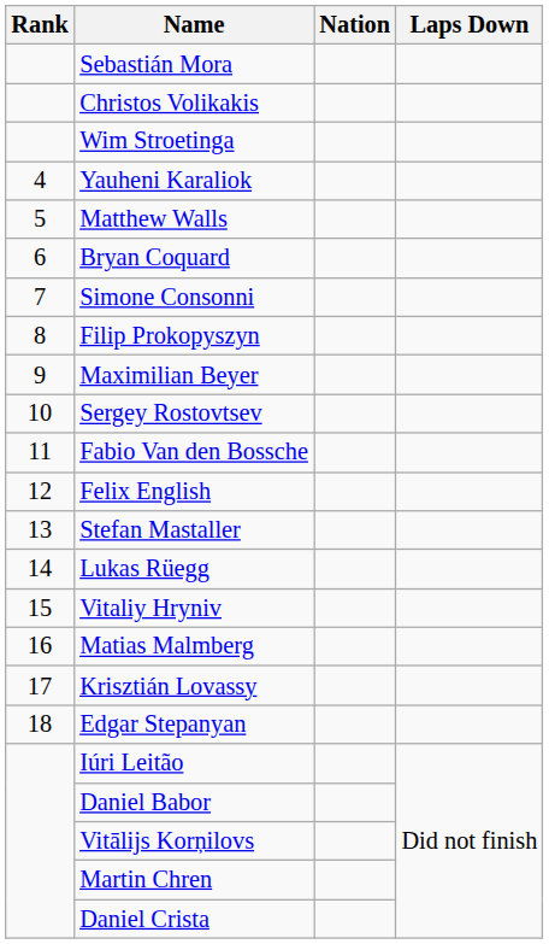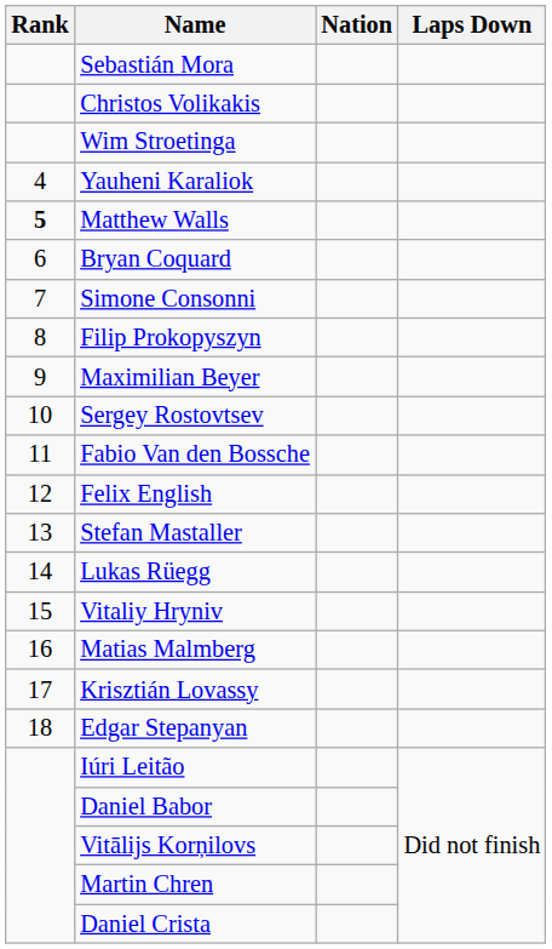 <table class="wikitable sortable" style="text-align:center">
 <tr>
 <th>Rank</th>
 <th>Name</th>
 <th>Nation</th>
 <th>Laps Down</th>
 </tr>
 <tr>
 <td></td>
 <td align=left><a href='#'>Sebastián Mora</a></td>
 <td align=left></td>
 <td></td>
 </tr>
 <tr>
 <td></td>
 <td align=left><a href='#'>Christos Volikakis</a></td>
 <td align=left></td>
 <td></td>
 </tr>
 <tr>
 <td></td>
 <td align=left><a href='#'>Wim Stroetinga</a></td>
 <td align=left></td>
 <td></td>
 </tr>
 <tr>
 <td>4</td>
 <td align=left><a href='#'>Yauheni Karaliok</a></td>
 <td align=left></td>
 <td></td>
 </tr>
 <tr>
-<td>5</td>
+<td><strong>5</strong></td>
 <td align=left><a href='#'>Matthew Walls</a></td>
 <td align=left></td>
 <td></td>
 </tr>
 <tr>
 <td>6</td>
 <td align=left><a href='#'>Bryan Coquard</a></td>
 <td align=left></td>
 <td></td>
 </tr>
 <tr>
 <td>7</td>
 <td align=left><a href='#'>Simone Consonni</a></td>
 <td align=left></td>
 <td></td>
 </tr>
 <tr>
 <td>8</td>
 <td align=left><a href='#'>Filip Prokopyszyn</a></td>
 <td align=left></td>
 <td></td>
 </tr>
 <tr>
 <td>9</td>
 <td align=left><a href='#'>Maximilian Beyer</a></td>
 <td align=left></td>
 <td></td>
 </tr>
 <tr>
 <td>10</td>
 <td align=left><a href='#'>Sergey Rostovtsev</a></td>
 <td align=left></td>
 <td></td>
 </tr>
 <tr>
 <td>11</td>
 <td align=left><a href='#'>Fabio Van den Bossche</a></td>
 <td align=left></td>
 <td></td>
 </tr>
 <tr>
 <td>12</td>
 <td align=left><a href='#'>Felix English</a></td>
 <td align=left></td>
 <td></td>
 </tr>
 <tr>
 <td>13</td>
 <td align=left><a href='#'>Stefan Mastaller</a></td>
 <td align=left></td>
 <td></td>
 </tr>
 <tr>
 <td>14</td>
 <td align=left><a href='#'>Lukas Rüegg</a></td>
 <td align=left></td>
 <td></td>
 </tr>
 <tr>
 <td>15</td>
 <td align=left><a href='#'>Vitaliy Hryniv</a></td>
 <td align=left></td>
 <td></td>
 </tr>
 <tr>
 <td>16</td>
 <td align=left><a href='#'>Matias Malmberg</a></td>
 <td align=left></td>
 <td></td>
 </tr>
 <tr>
 <td>17</td>
 <td align=left><a href='#'>Krisztián Lovassy</a></td>
 <td align=left></td>
 <td></td>
 </tr>
 <tr>
 <td>18</td>
 <td align=left><a href='#'>Edgar Stepanyan</a></td>
 <td align=left></td>
 <td></td>
 </tr>
 <tr>
 <td rowspan=5></td>
 <td align=left><a href='#'>Iúri Leitão</a></td>
 <td align=left></td>
 <td rowspan=5>Did not finish</td>
 </tr>
 <tr>
 <td align=left><a href='#'>Daniel Babor</a></td>
 <td align=left></td>
 </tr>
 <tr>
 <td align=left><a href='#'>Vitālijs Korņilovs</a></td>
 <td align=left></td>
 </tr>
 <tr>
 <td align=left><a href='#'>Martin Chren</a></td>
 <td align=left></td>
 </tr>
 <tr>
 <td align=left><a href='#'>Daniel Crista</a></td>
 <td align=left></td>
 </tr>
 </table>
